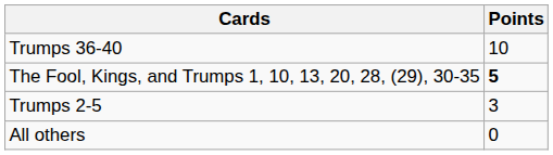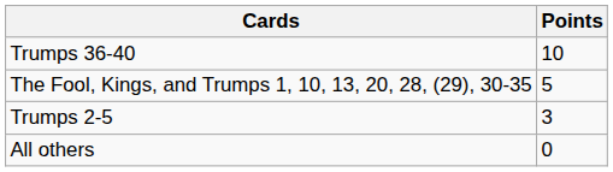 <table class="wikitable">
 <tr>
 <th><strong>Cards</strong></th>
 <th><strong>Points</strong></th>
 </tr>
 <tr>
 <td>Trumps 36-40</td>
 <td>10</td>
 </tr>
 <tr>
 <td>The Fool, Kings, and Trumps 1, 10, 13, 20, 28, (29), 30-35</td>
-<td><strong>5</strong></td>
+<td>5</td>
 </tr>
 <tr>
 <td>Trumps 2-5</td>
 <td>3</td>
 </tr>
 <tr>
 <td>All others</td>
 <td>0</td>
 </tr>
 </table>
